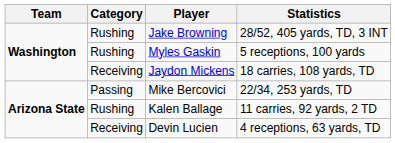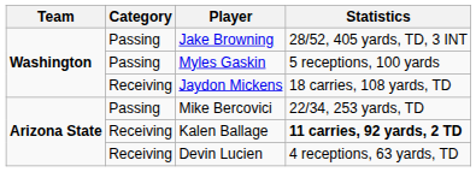 <table class="wikitable" style="float: right;">
 <tr>
 <th>Team</th>
 <th>Category</th>
 <th>Player</th>
 <th>Statistics</th>
 </tr>
 <tr>
 <td rowspan=3><strong>Washington</strong></td>
-<td>Rushing</td>
+<td>Passing</td>
 <td><a href='#'>Jake Browning</a></td>
 <td>28/52, 405 yards, TD, 3 INT</td>
 </tr>
 <tr>
-<td>Rushing</td>
+<td>Passing</td>
 <td><a href='#'>Myles Gaskin</a></td>
 <td>5 receptions, 100 yards</td>
 </tr>
 <tr>
 <td>Receiving</td>
 <td><a href='#'>Jaydon Mickens</a></td>
 <td>18 carries, 108 yards, TD</td>
 </tr>
 <tr>
 <td rowspan=3><strong>Arizona State</strong></td>
 <td>Passing</td>
 <td>Mike Bercovici</td>
 <td>22/34, 253 yards, TD</td>
 </tr>
 <tr>
-<td>Rushing</td>
+<td>Receiving</td>
 <td>Kalen Ballage</td>
-<td>11 carries, 92 yards, 2 TD</td>
+<td><strong>11 carries, 92 yards, 2 TD</strong></td>
 </tr>
 <tr>
 <td>Receiving</td>
 <td>Devin Lucien</td>
 <td>4 receptions, 63 yards, TD</td>
 </tr>
 </table>
